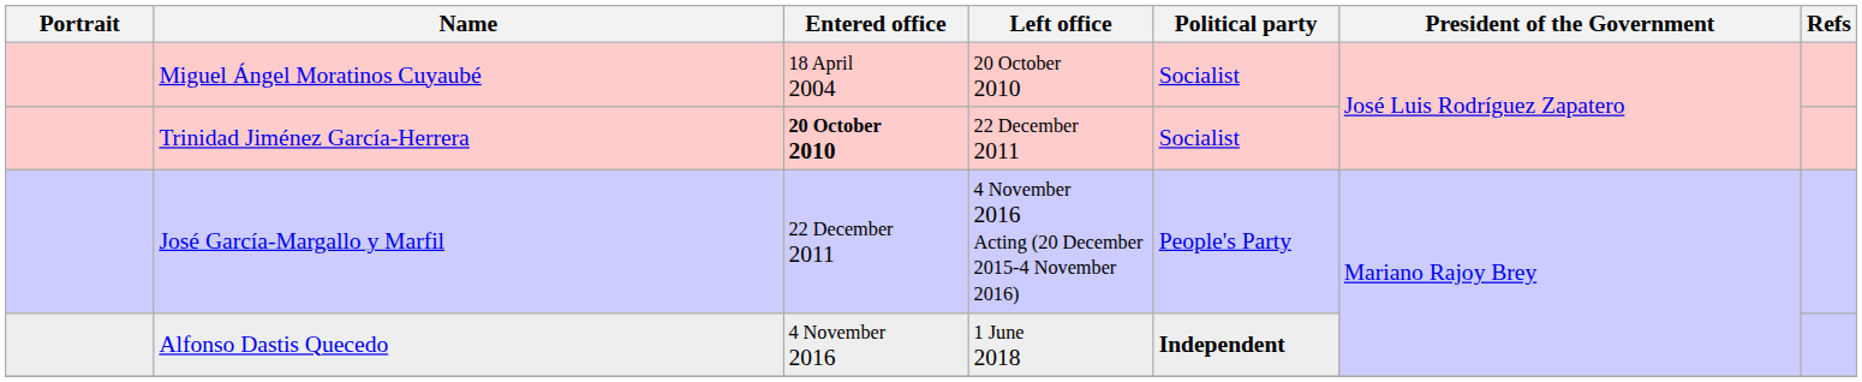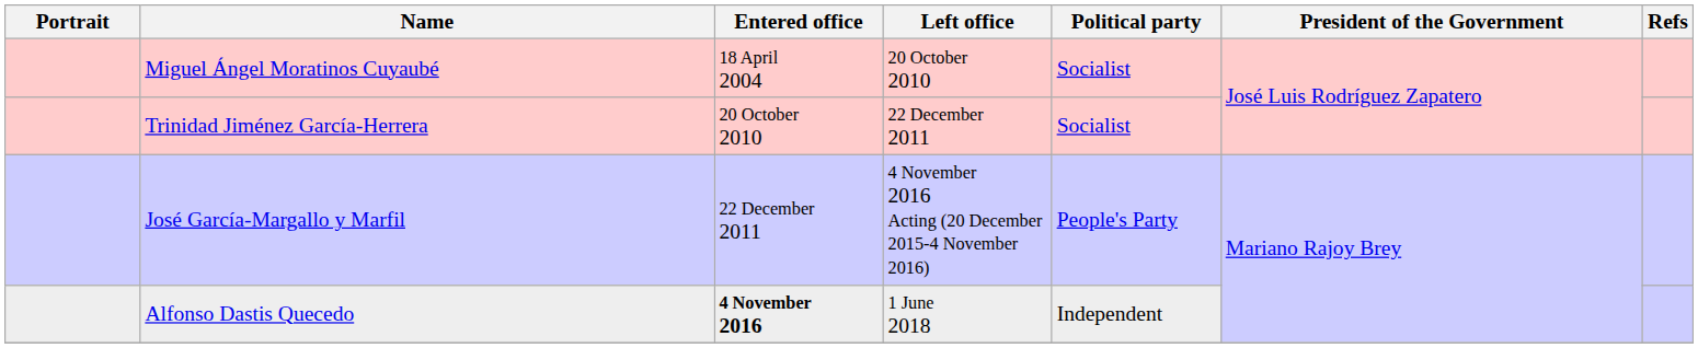 <table class="wikitable" style="width:100%;">
 <tr>
 <th width=8%>Portrait</th>
 <th style="width:34%;">Name</th>
 <th style="width:10%;">Entered office</th>
 <th style="width:10%;">Left office</th>
 <th style="width:10%;">Political party</th>
 <th style="width:25%;">President of the Government</th>
 <th style="width:1%;">Refs</th>
 </tr>
 <tr style="background:#fcc;">
 <td></td>
 <td><a href='#'>Miguel Ángel Moratinos Cuyaubé</a></td>
 <td><small>18 April</small><br>2004</td>
 <td><small>20 October</small><br>2010</td>
 <td><a href='#'>Socialist</a></td>
 <td rowspan=2><a href='#'>José Luis Rodríguez Zapatero</a></td>
 <td><br></td>
 </tr>
 <tr style="background:#fcc;">
 <td></td>
 <td><a href='#'>Trinidad Jiménez García-Herrera</a></td>
-<td><strong><small>20 October</small><br>2010</strong></td>
+<td><small>20 October</small><br>2010</td>
 <td><small>22 December</small><br>2011</td>
 <td><a href='#'>Socialist</a></td>
 <td></td>
 </tr>
 <tr style="background:#ccf;">
 <td></td>
 <td><a href='#'>José García-Margallo y Marfil</a></td>
 <td><small>22 December</small><br>2011</td>
 <td><small>4 November</small><br>2016<br><small>Acting (20 December 2015-4 November 2016)</small></td>
 <td><a href='#'>People's Party</a></td>
 <td rowspan="2"><a href='#'>Mariano Rajoy Brey</a></td>
 <td></td>
 </tr>
 <tr style="background:#eee;">
 <td></td>
 <td><a href='#'>Alfonso Dastis Quecedo</a></td>
-<td><small>4 November</small><br>2016</td>
+<td><strong><small>4 November</small><br>2016</strong></td>
 <td><small>1 June</small><br>2018</td>
-<td><strong>Independent</strong></td>
+<td>Independent</td>
 <td style="background:#ccf"></td>
 </tr>
 <tr style="background:#eee;">
 </tr>
 </table>
